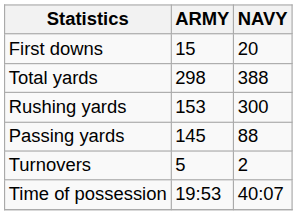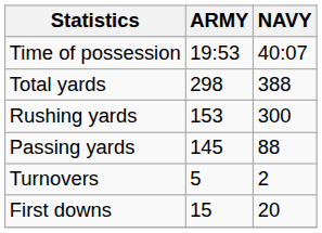 <table class="wikitable" style="float: left;">
 <tr>
 <th>Statistics</th>
 <th>ARMY</th>
 <th>NAVY</th>
 </tr>
 <tr>
-<td>First downs</td>
-<td>15</td>
-<td>20</td>
+<td>Time of possession</td>
+<td>19:53</td>
+<td>40:07</td>
 </tr>
 <tr>
 <td>Total yards</td>
 <td>298</td>
 <td>388</td>
 </tr>
 <tr>
 <td>Rushing yards</td>
 <td>153</td>
 <td>300</td>
 </tr>
 <tr>
 <td>Passing yards</td>
 <td>145</td>
 <td>88</td>
 </tr>
 <tr>
 <td>Turnovers</td>
 <td>5</td>
 <td>2</td>
 </tr>
 <tr>
-<td>Time of possession</td>
-<td>19:53</td>
-<td>40:07</td>
+<td>First downs</td>
+<td>15</td>
+<td>20</td>
 </tr>
 <tr>
 </tr>
 </table>
